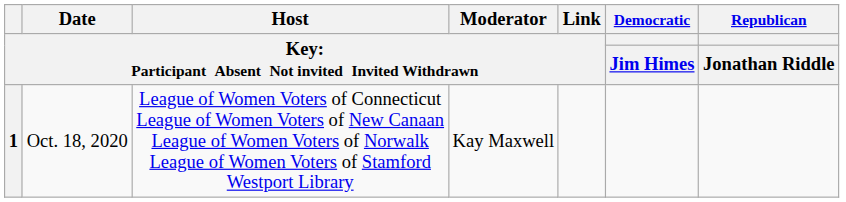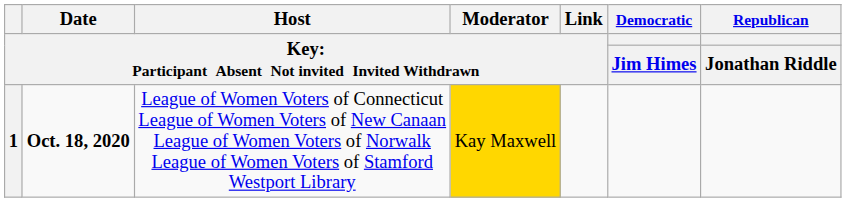 <table class="wikitable" style="text-align:center;">
 <tr>
 <th scope="col"></th>
 <th scope="col">Date</th>
 <th scope="col">Host</th>
 <th scope="col">Moderator</th>
 <th scope="col">Link</th>
 <th scope="col"><small><a href='#'>Democratic</a></small></th>
 <th scope="col"><small><a href='#'>Republican</a></small></th>
 </tr>
 <tr>
 <th colspan="5" rowspan="2">Key:<br> <small>Participant </small>  <small>Absent </small>  <small>Not invited </small>  <small>Invited  Withdrawn</small></th>
 <th scope="col" style="background:"></th>
 <th scope="col" style="background:"></th>
 </tr>
 <tr>
 <th scope="col"><a href='#'>Jim Himes</a></th>
 <th scope="col">Jonathan Riddle</th>
 </tr>
 <tr>
 <th>1</th>
-<td style="white-space:nowrap;">Oct. 18, 2020</td>
+<td style="white-space:nowrap;"><strong>Oct. 18, 2020</strong></td>
 <td style="white-space:nowrap;"><a href='#'>League of Women Voters</a> of Connecticut<br><a href='#'>League of Women Voters</a> of <a href='#'>New Canaan</a><br><a href='#'>League of Women Voters</a> of <a href='#'>Norwalk</a><br><a href='#'>League of Women Voters</a> of <a href='#'>Stamford</a><br><a href='#'>Westport Library</a></td>
-<td style="white-space:nowrap;">Kay Maxwell</td>
+<td style="background: gold; white-space:nowrap;">Kay Maxwell</td>
 <td style="white-space:nowrap;"></td>
 <td></td>
 <td></td>
 </tr>
 </table>
